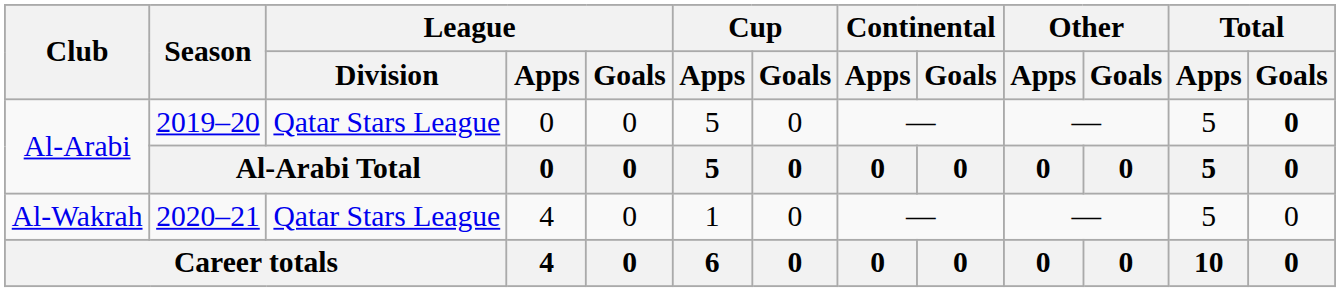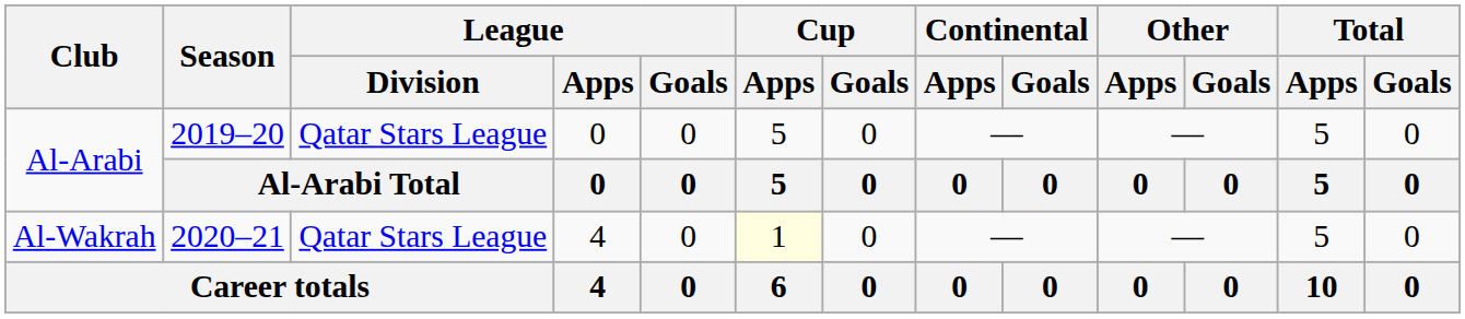 <table class="wikitable" style="text-align: center">
 <tr>
 <th rowspan="2">Club</th>
 <th rowspan="2">Season</th>
 <th colspan="3">League</th>
 <th colspan="2">Cup</th>
 <th colspan="2">Continental</th>
 <th colspan="2">Other</th>
 <th colspan="2">Total</th>
 </tr>
 <tr>
 <th>Division</th>
 <th>Apps</th>
 <th>Goals</th>
 <th>Apps</th>
 <th>Goals</th>
 <th>Apps</th>
 <th>Goals</th>
 <th>Apps</th>
 <th>Goals</th>
 <th>Apps</th>
 <th>Goals</th>
 </tr>
 <tr>
 <td rowspan=2><a href='#'>Al-Arabi</a></td>
 <td><a href='#'>2019–20</a></td>
 <td><a href='#'>Qatar Stars League</a></td>
 <td>0</td>
 <td>0</td>
 <td>5</td>
 <td>0</td>
 <td colspan=2>—</td>
 <td colspan=2>—</td>
 <td>5</td>
-<td><strong>0</strong></td>
+<td>0</td>
 </tr>
 <tr>
 <th colspan="2">Al-Arabi Total</th>
 <th>0</th>
 <th>0</th>
 <th>5</th>
 <th>0</th>
 <th>0</th>
 <th>0</th>
 <th>0</th>
 <th>0</th>
 <th>5</th>
 <th>0</th>
 </tr>
 <tr>
 <td rowspan=1><a href='#'>Al-Wakrah</a></td>
 <td><a href='#'>2020–21</a></td>
 <td><a href='#'>Qatar Stars League</a></td>
 <td>4</td>
 <td>0</td>
-<td>1</td>
+<td style="background: lightyellow;">1</td>
 <td>0</td>
 <td colspan=2>—</td>
 <td colspan=2>—</td>
 <td>5</td>
 <td>0</td>
 </tr>
 <tr>
 <th colspan=3>Career totals</th>
 <th>4</th>
 <th>0</th>
 <th>6</th>
 <th>0</th>
 <th>0</th>
 <th>0</th>
 <th>0</th>
 <th>0</th>
 <th>10</th>
 <th>0</th>
 </tr>
 </table>
